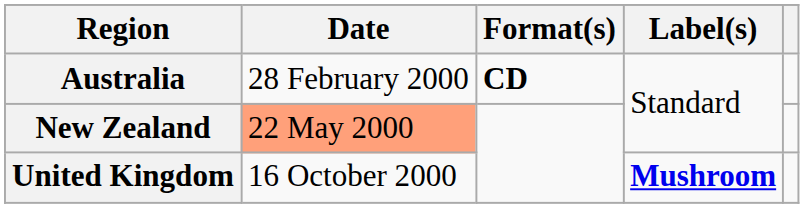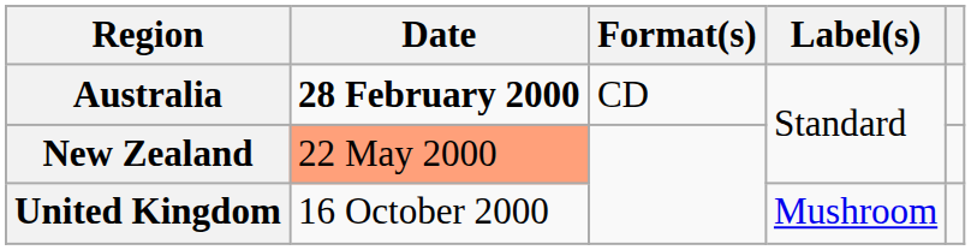 <table class="wikitable plainrowheaders">
 <tr>
 <th scope="col">Region</th>
 <th scope="col">Date</th>
 <th scope="col">Format(s)</th>
 <th scope="col">Label(s)</th>
 <th scope="col"></th>
 </tr>
 <tr>
 <th scope="row">Australia</th>
-<td>28 February 2000</td>
-<td><strong>CD</strong></td>
+<td><strong>28 February 2000</strong></td>
+<td>CD</td>
 <td rowspan="2">Standard</td>
 <td></td>
 </tr>
 <tr>
 <th scope="row">New Zealand</th>
 <td style="background: lightsalmon;">22 May 2000</td>
 <td rowspan="2"></td>
 <td></td>
 </tr>
 <tr>
 <th scope="row">United Kingdom</th>
 <td>16 October 2000</td>
-<td><strong><a href='#'>Mushroom</a></strong></td>
+<td><a href='#'>Mushroom</a></td>
 <td></td>
 </tr>
 </table>
